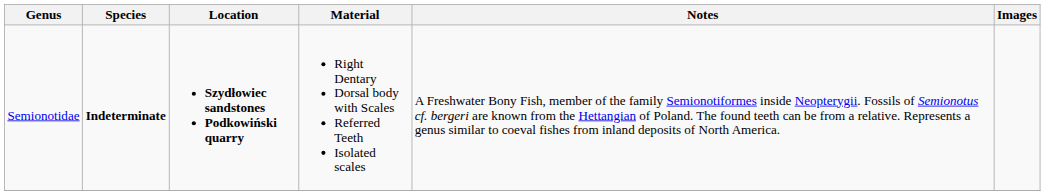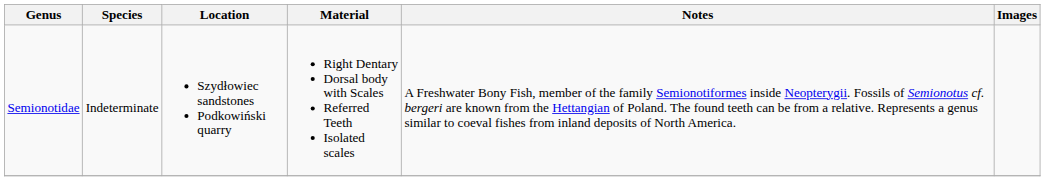 <table class="wikitable"  style="margin:auto; width:100%;">
 <tr>
 <th>Genus</th>
 <th>Species</th>
 <th>Location</th>
 <th>Material</th>
 <th>Notes</th>
 <th>Images</th>
 </tr>
 <tr>
 <td><br><a href='#'>Semionotidae</a></td>
-<td><strong><br>Indeterminate</strong></td>
-<td><strong><br><ul><li>Szydłowiec sandstones</li><li>Podkowiński quarry</li></ul></strong></td>
+<td><br>Indeterminate</td>
+<td><br><ul><li>Szydłowiec sandstones</li><li>Podkowiński quarry</li></ul></td>
 <td><br><ul><li>Right Dentary</li><li>Dorsal body with Scales</li><li>Referred Teeth</li><li>Isolated scales</li></ul></td>
 <td><br>A Freshwater Bony Fish, member of the family <a href='#'>Semionotiformes</a> inside <a href='#'>Neopterygii</a>. Fossils of <em><a href='#'>Semionotus</a> cf. bergeri</em> are known from the <a href='#'>Hettangian</a> of Poland. The found teeth can be from a relative. Represents a genus similar to coeval fishes from inland deposits of North America.</td>
 <td><br></td>
 </tr>
 <tr>
 </tr>
 </table>
